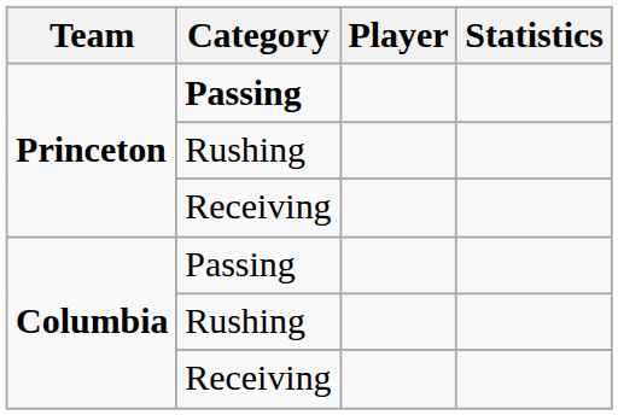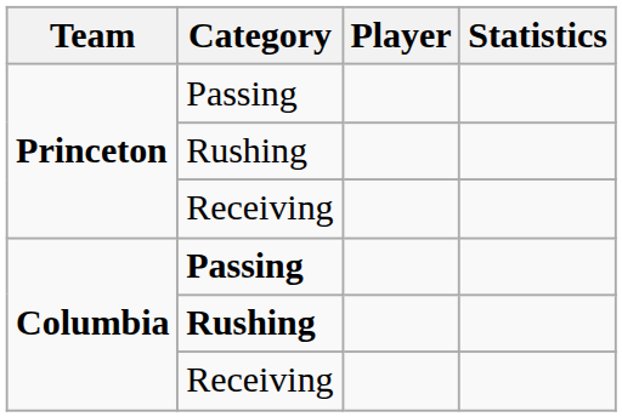 <table class="wikitable" style="float: right;">
 <tr>
 <th>Team</th>
 <th>Category</th>
 <th>Player</th>
 <th>Statistics</th>
 </tr>
 <tr>
 <td rowspan=3><strong>Princeton</strong></td>
-<td><strong>Passing</strong></td>
+<td>Passing</td>
 <td></td>
 <td></td>
 </tr>
 <tr>
 <td>Rushing</td>
 <td></td>
 <td></td>
 </tr>
 <tr>
 <td>Receiving</td>
 <td></td>
 <td></td>
 </tr>
 <tr>
 <td rowspan=3><strong>Columbia</strong></td>
-<td>Passing</td>
+<td><strong>Passing</strong></td>
 <td></td>
 <td></td>
 </tr>
 <tr>
-<td>Rushing</td>
+<td><strong>Rushing</strong></td>
 <td></td>
 <td></td>
 </tr>
 <tr>
 <td>Receiving</td>
 <td></td>
 <td></td>
 </tr>
 </table>
